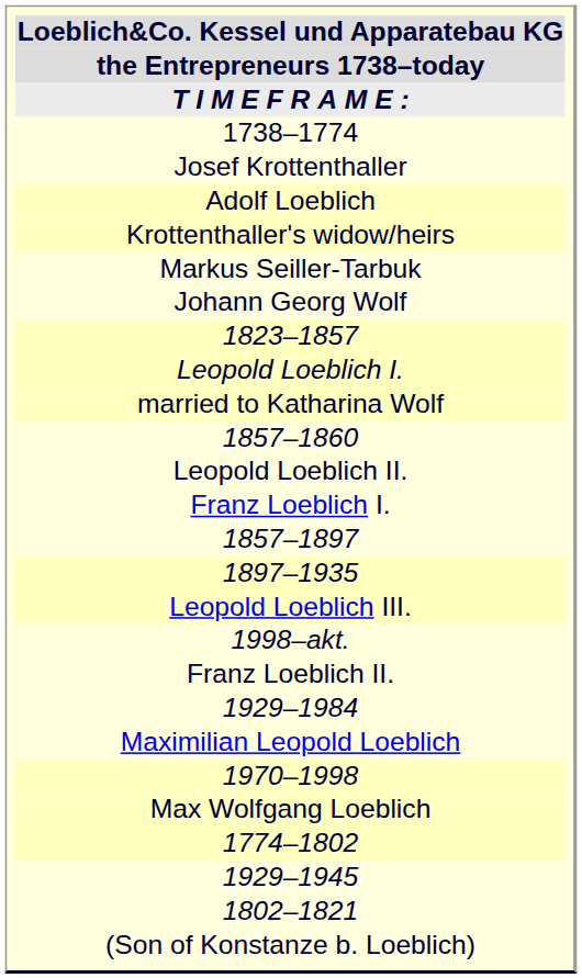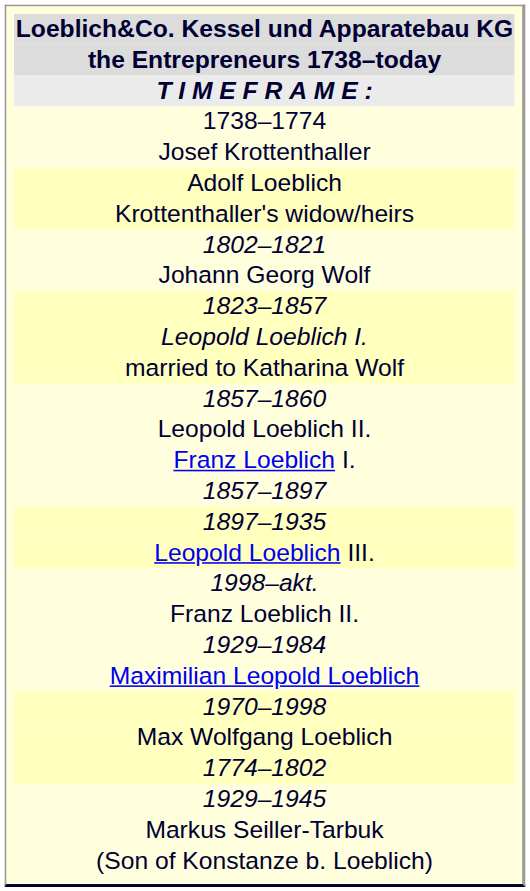 <table tableborder="2" cellspacing="0" style="padding: 0.3em; float:right; margin: 5px 5px 1em 1em; border:1px solid #999; border-bottom:2px solid; border-right-width: 2px; background:#ffffde; color:#000033; text-align:center;">
 <tr -->
 </tr>
 <tr -->
 <td bgcolor="#DCDCDC"><strong>Loeblich&Co. Kessel und Apparatebau KG</strong></td>
 </tr>
 <tr -->
 <td bgcolor="#DCDCDC"><strong>the Entrepreneurs 1738–today</strong></td>
 </tr>
 <tr -->
 <td bgcolor="#EBEBEB"><strong><em>T I M E F R A M E :</em></strong></td>
 </tr>
 <tr>
 <td>1738–1774</td>
 </tr>
 <tr>
 <td>Josef Krottenthaller</td>
 </tr>
 <tr>
 <td bgcolor="#ffffbe">Adolf Loeblich</td>
 </tr>
 <tr>
 <td bgcolor="#ffffbe">Krottenthaller's widow/heirs</td>
 </tr>
 <tr>
-<td>Markus Seiller-Tarbuk</td>
+<td><em>1802–1821</em></td>
 </tr>
 <tr>
 <td>Johann Georg Wolf</td>
 </tr>
 <tr>
 <td bgcolor="#ffffbe"><em>1823–1857</em></td>
 </tr>
 <tr>
 <td bgcolor="#ffffbe"><em>Leopold Loeblich I.</em></td>
 </tr>
 <tr>
 <td bgcolor="#ffffbe">married to Katharina Wolf</td>
 </tr>
 <tr>
 <td><em>1857–1860</em></td>
 </tr>
 <tr>
 <td>Leopold Loeblich II.</td>
 </tr>
 <tr>
 <td><a href='#'>Franz Loeblich</a> I.</td>
 </tr>
 <tr>
 <td><em>1857–1897</em></td>
 </tr>
 <tr>
 </tr>
 <tr>
 <td bgcolor="#ffffbe"><em>1897–1935</em></td>
 </tr>
 <tr>
 <td bgcolor="#ffffbe"><a href='#'>Leopold Loeblich</a> III.</td>
 </tr>
 <tr>
 <td><em>1998–akt.</em></td>
 </tr>
 <tr>
 <td>Franz Loeblich II.</td>
 </tr>
 <tr>
 <td><em>1929–1984</em></td>
 </tr>
 <tr>
 <td><a href='#'>Maximilian Leopold Loeblich</a></td>
 </tr>
 <tr>
 <td bgcolor="#ffffbe"><em>1970–1998</em></td>
 </tr>
 <tr>
 <td bgcolor="#ffffbe">Max Wolfgang Loeblich</td>
 </tr>
 <tr>
 <td bgcolor="#ffffbe"><em>1774–1802</em></td>
 </tr>
 <tr>
 <td><em>1929–1945</em></td>
 </tr>
 <tr>
-<td><em>1802–1821</em></td>
+<td>Markus Seiller-Tarbuk</td>
 </tr>
 <tr>
 <td>(Son of Konstanze b. Loeblich)</td>
 </tr>
 <tr>
 </tr>
 </table>
